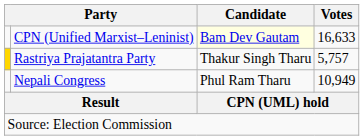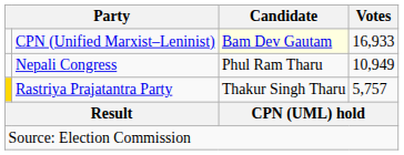 <table class="wikitable">
 <tr>
 <th colspan="2">Party</th>
 <th>Candidate</th>
 <th>Votes</th>
 </tr>
 <tr>
 <td style="background-color:"></td>
 <td><a href='#'>CPN (Unified Marxist–Leninist)</a></td>
 <td style="background: lightyellow;"><a href='#'>Bam Dev Gautam</a></td>
-<td>16,633</td>
+<td>16,933</td>
+</tr>
+<tr>
+<td style="background-color:"></td>
+<td><a href='#'>Nepali Congress</a></td>
+<td>Phul Ram Tharu</td>
+<td>10,949</td>
 </tr>
 <tr>
 <td style="background-color:gold"></td>
 <td><a href='#'>Rastriya Prajatantra Party</a></td>
 <td>Thakur Singh Tharu</td>
 <td>5,757</td>
-</tr>
-<tr>
-<td style="background-color:"></td>
-<td><a href='#'>Nepali Congress</a></td>
-<td>Phul Ram Tharu</td>
-<td>10,949</td>
 </tr>
 <tr>
 <th colspan="2">Result</th>
 <th colspan="2">CPN (UML) hold</th>
 </tr>
 <tr>
 <td colspan="4">Source: Election Commission</td>
 </tr>
 </table>
